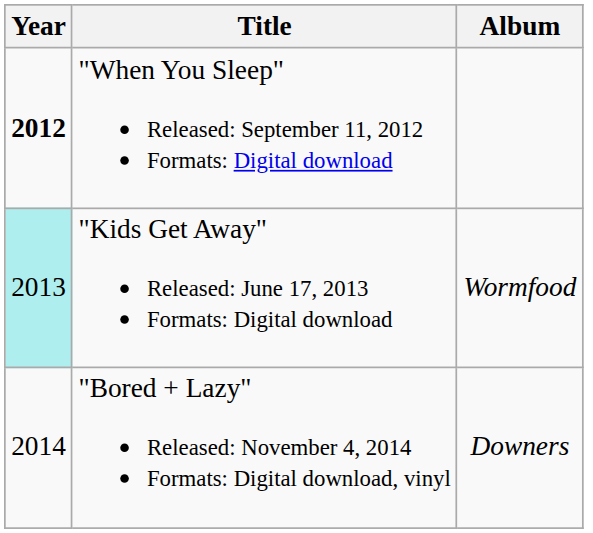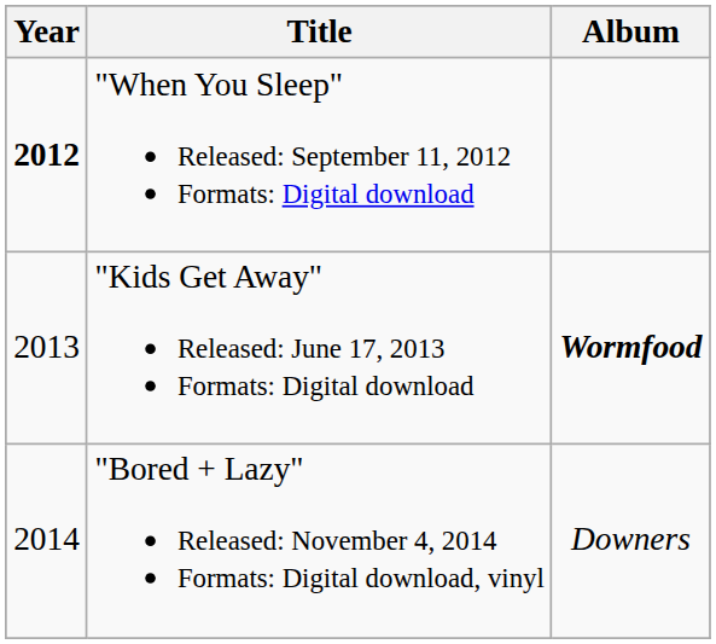 <table class="wikitable">
 <tr>
 <th>Year</th>
 <th>Title</th>
 <th>Album</th>
 </tr>
 <tr>
 <td><strong>2012</strong></td>
 <td>"When You Sleep"<br><ul><li><small>Released: September 11, 2012</small></li><li><small>Formats: <a href='#'>Digital download</a></small></li></ul></td>
 <td></td>
 </tr>
 <tr>
-<td style="background: paleturquoise;">2013</td>
+<td>2013</td>
 <td>"Kids Get Away"<br><ul><li><small>Released: June 17, 2013</small></li><li><small>Formats: Digital download</small></li></ul></td>
-<td rowspan="1" style="text-align:center;"><em>Wormfood</em></td>
+<td rowspan="1" style="text-align:center;"><strong><em>Wormfood</em></strong></td>
 </tr>
 <tr>
 <td>2014</td>
 <td>"Bored + Lazy"<br><ul><li><small>Released: November 4, 2014</small></li><li><small>Formats: Digital download, vinyl</small></li></ul></td>
 <td rowspan="2" style="text-align:center;"><em>Downers</em></td>
 </tr>
 </table>
